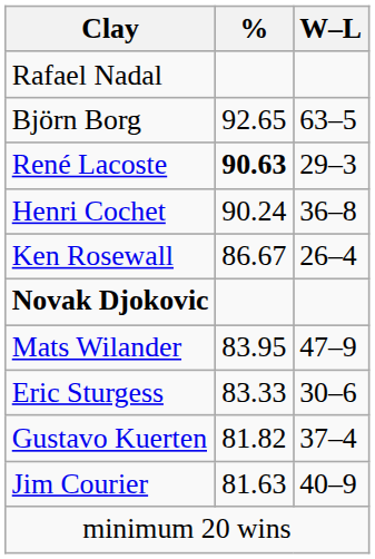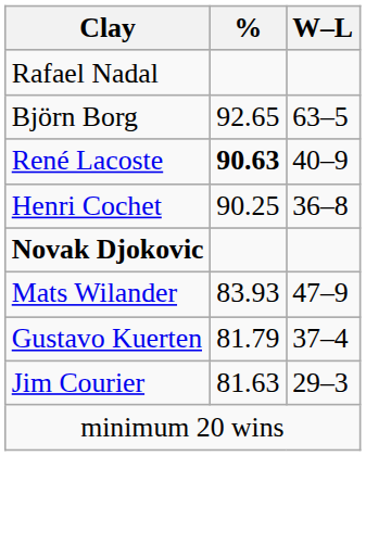 <table class=wikitable style="display:inline-table;">
 <tr>
 <th>Clay</th>
 <th>%</th>
 <th>W–L</th>
 </tr>
 <tr>
 <td> Rafael Nadal</td>
 <td></td>
 </tr>
 <tr>
 <td> Björn Borg</td>
 <td>92.65</td>
 <td>63–5</td>
 </tr>
 <tr>
 <td> <a href='#'>René Lacoste</a></td>
 <td><strong>90.63</strong></td>
-<td>29–3</td>
+<td>40–9<br></td>
 </tr>
 <tr>
 <td> <a href='#'>Henri Cochet</a></td>
-<td>90.24</td>
+<td>90.25</td>
 <td>36–8</td>
-</tr>
-<tr>
-<td> <a href='#'>Ken Rosewall</a></td>
-<td>86.67</td>
-<td>26–4</td>
 </tr>
 <tr>
 <td> <strong>Novak Djokovic</strong></td>
 <td></td>
 </tr>
 <tr>
 <td> <a href='#'>Mats Wilander</a></td>
-<td>83.95</td>
+<td>83.93</td>
 <td>47–9</td>
 </tr>
 <tr>
-<td> <a href='#'>Eric Sturgess</a></td>
-<td>83.33</td>
-<td>30–6</td>
-</tr>
-<tr>
 <td> <a href='#'>Gustavo Kuerten</a></td>
-<td>81.82</td>
+<td>81.79</td>
 <td>37–4</td>
 </tr>
 <tr>
 <td> <a href='#'>Jim Courier</a></td>
 <td>81.63</td>
-<td>40–9<br></td>
+<td>29–3</td>
 </tr>
 <tr>
 <td colspan="3" style="text-align:center;">minimum 20 wins</td>
 </tr>
 </table>
